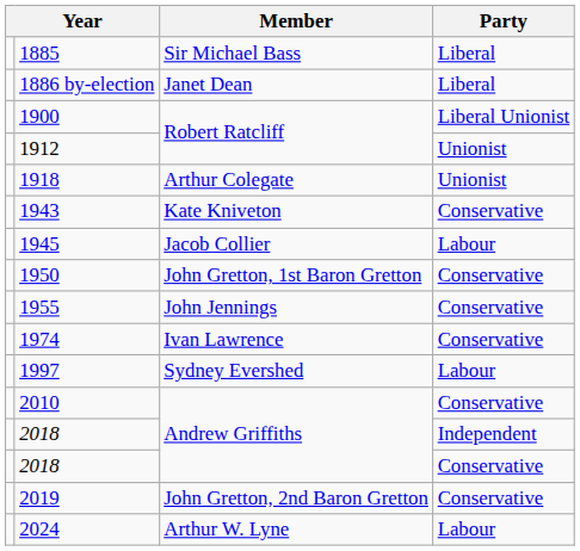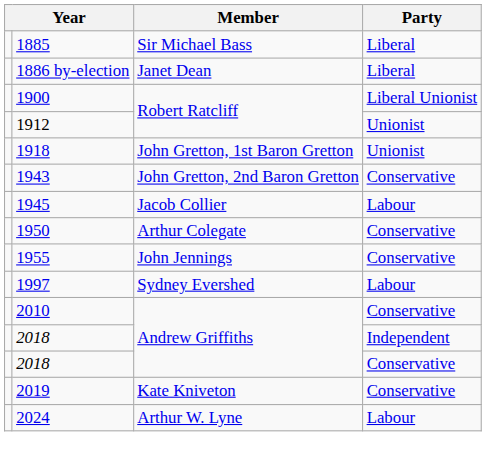 <table class="wikitable">
 <tr>
 <th colspan="2">Year</th>
 <th>Member</th>
 <th>Party</th>
 </tr>
 <tr>
 <td style="color:inherit;background-color: "></td>
 <td><a href='#'>1885</a></td>
 <td><a href='#'>Sir Michael Bass</a></td>
 <td><a href='#'>Liberal</a></td>
 </tr>
 <tr>
 <td style="color:inherit;background-color: "></td>
 <td><a href='#'>1886 by-election</a></td>
 <td><a href='#'>Janet Dean</a></td>
 <td><a href='#'>Liberal</a></td>
 </tr>
 <tr>
 <td style="color:inherit;background-color: "></td>
 <td><a href='#'>1900</a></td>
 <td rowspan="2"><a href='#'>Robert Ratcliff</a></td>
 <td><a href='#'>Liberal Unionist</a></td>
 </tr>
 <tr>
 <td style="color:inherit;background-color: "></td>
 <td>1912</td>
 <td><a href='#'>Unionist</a></td>
 </tr>
 <tr>
 <td style="color:inherit;background-color: "></td>
 <td><a href='#'>1918</a></td>
-<td><a href='#'>Arthur Colegate</a></td>
+<td><a href='#'>John Gretton, 1st Baron Gretton</a></td>
 <td><a href='#'>Unionist</a></td>
 </tr>
 <tr>
 <td style="color:inherit;background-color: "></td>
 <td><a href='#'>1943</a></td>
-<td><a href='#'>Kate Kniveton</a></td>
+<td><a href='#'>John Gretton, 2nd Baron Gretton</a></td>
 <td><a href='#'>Conservative</a></td>
 </tr>
 <tr>
 <td style="color:inherit;background-color: "></td>
 <td><a href='#'>1945</a></td>
 <td><a href='#'>Jacob Collier</a></td>
 <td><a href='#'>Labour</a></td>
 </tr>
 <tr>
 <td style="color:inherit;background-color: "></td>
 <td><a href='#'>1950</a></td>
-<td><a href='#'>John Gretton, 1st Baron Gretton</a></td>
+<td><a href='#'>Arthur Colegate</a></td>
 <td><a href='#'>Conservative</a></td>
 </tr>
 <tr>
 <td style="color:inherit;background-color: "></td>
 <td><a href='#'>1955</a></td>
 <td><a href='#'>John Jennings</a></td>
-<td><a href='#'>Conservative</a></td>
-</tr>
-<tr>
-<td style="color:inherit;background-color: "></td>
-<td><a href='#'>1974</a></td>
-<td><a href='#'>Ivan Lawrence</a></td>
 <td><a href='#'>Conservative</a></td>
 </tr>
 <tr>
 <td style="color:inherit;background-color: "></td>
 <td><a href='#'>1997</a></td>
 <td><a href='#'>Sydney Evershed</a></td>
 <td><a href='#'>Labour</a></td>
 </tr>
 <tr>
 <td style="color:inherit;background-color: "></td>
 <td><a href='#'>2010</a></td>
 <td rowspan=3><a href='#'>Andrew Griffiths</a></td>
 <td><a href='#'>Conservative</a></td>
 </tr>
 <tr>
 <td style="color:inherit;background-color: "></td>
 <td><em>2018</em></td>
 <td><a href='#'>Independent</a></td>
 </tr>
 <tr>
 <td style="color:inherit;background-color: "></td>
 <td><em>2018</em></td>
 <td><a href='#'>Conservative</a></td>
 </tr>
 <tr>
 <td style="color:inherit;background-color: "></td>
 <td><a href='#'>2019</a></td>
-<td><a href='#'>John Gretton, 2nd Baron Gretton</a></td>
+<td><a href='#'>Kate Kniveton</a></td>
 <td><a href='#'>Conservative</a></td>
 </tr>
 <tr>
 <td style="color:inherit;background-color: "></td>
 <td><a href='#'>2024</a></td>
 <td><a href='#'>Arthur W. Lyne</a></td>
 <td><a href='#'>Labour</a></td>
 </tr>
 </table>
